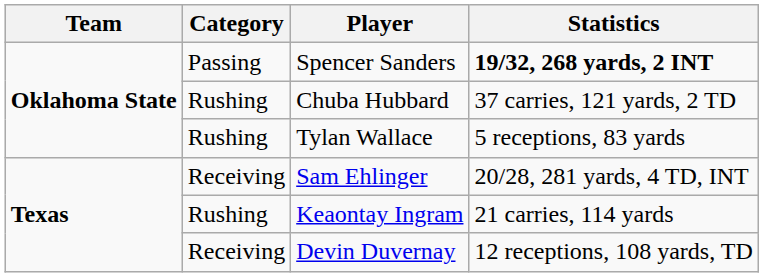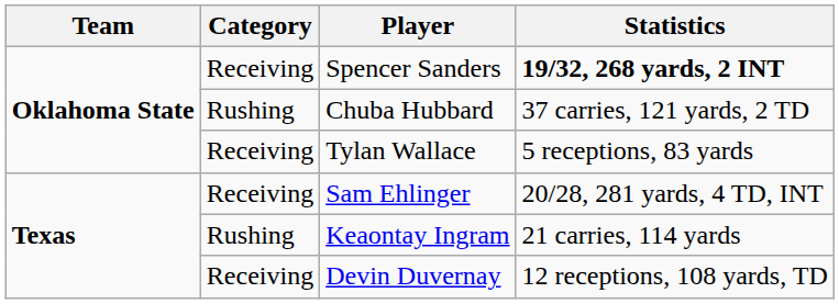 <table class="wikitable" style="float: right;">
 <tr>
 <th>Team</th>
 <th>Category</th>
 <th>Player</th>
 <th>Statistics</th>
 </tr>
 <tr>
 <td rowspan=3><strong>Oklahoma State</strong></td>
-<td>Passing</td>
+<td>Receiving</td>
 <td>Spencer Sanders</td>
 <td><strong>19/32, 268 yards, 2 INT</strong></td>
 </tr>
 <tr>
 <td>Rushing</td>
 <td>Chuba Hubbard</td>
 <td>37 carries, 121 yards, 2 TD</td>
 </tr>
 <tr>
-<td>Rushing</td>
+<td>Receiving</td>
 <td>Tylan Wallace</td>
 <td>5 receptions, 83 yards</td>
 </tr>
 <tr>
 <td rowspan=3><strong>Texas</strong></td>
 <td>Receiving</td>
 <td><a href='#'>Sam Ehlinger</a></td>
 <td>20/28, 281 yards, 4 TD, INT</td>
 </tr>
 <tr>
 <td>Rushing</td>
 <td><a href='#'>Keaontay Ingram</a></td>
 <td>21 carries, 114 yards</td>
 </tr>
 <tr>
 <td>Receiving</td>
 <td><a href='#'>Devin Duvernay</a></td>
 <td>12 receptions, 108 yards, TD</td>
 </tr>
 </table>
